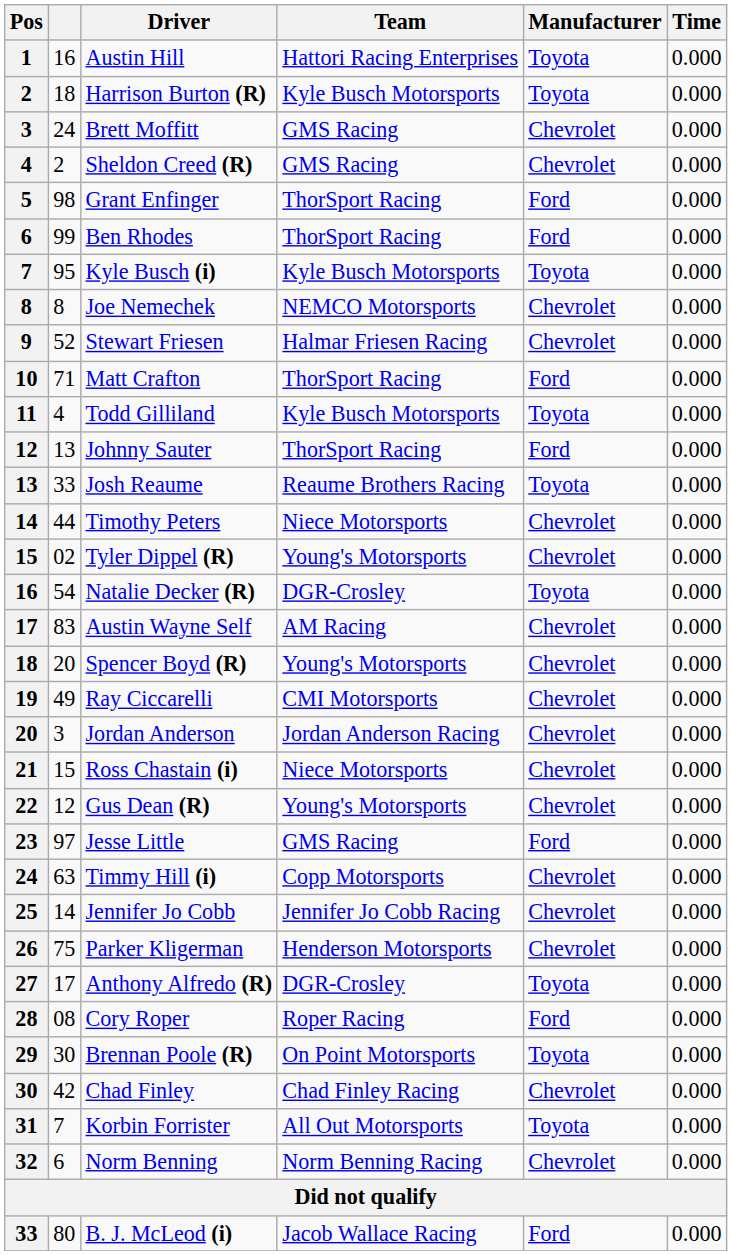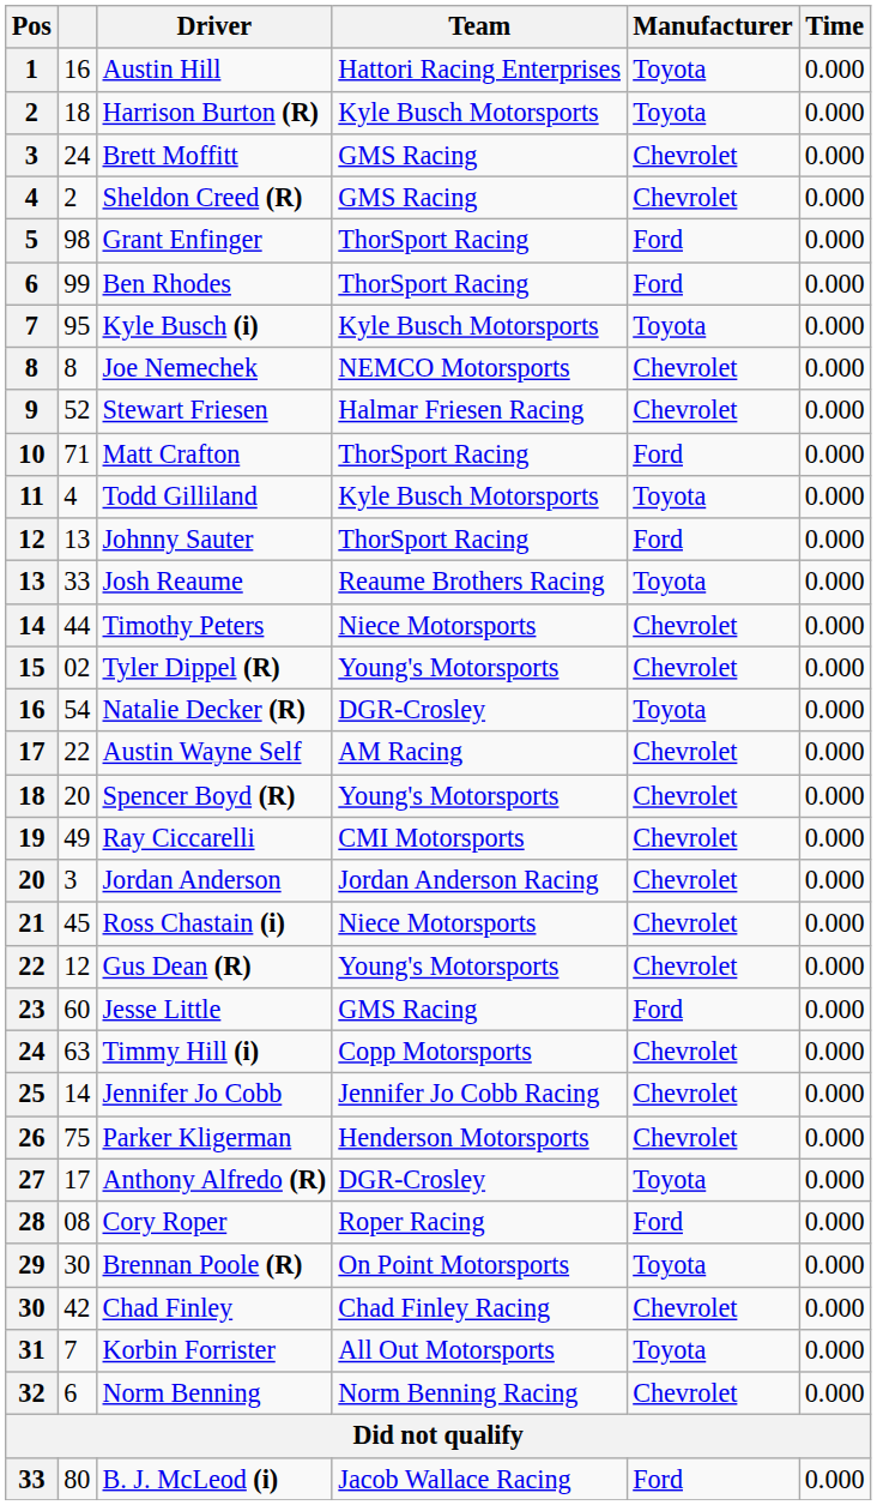 <table class="wikitable" style="font-size:98%">
 <tr>
 <th>Pos</th>
 <th></th>
 <th>Driver</th>
 <th>Team</th>
 <th>Manufacturer</th>
 <th>Time</th>
 </tr>
 <tr>
 <th>1</th>
 <td>16</td>
 <td><a href='#'>Austin Hill</a></td>
 <td><a href='#'>Hattori Racing Enterprises</a></td>
 <td><a href='#'>Toyota</a></td>
 <td>0.000</td>
 </tr>
 <tr>
 <th>2</th>
 <td>18</td>
 <td><a href='#'>Harrison Burton</a> <strong>(R)</strong></td>
 <td><a href='#'>Kyle Busch Motorsports</a></td>
 <td><a href='#'>Toyota</a></td>
 <td>0.000</td>
 </tr>
 <tr>
 <th>3</th>
 <td>24</td>
 <td><a href='#'>Brett Moffitt</a></td>
 <td><a href='#'>GMS Racing</a></td>
 <td><a href='#'>Chevrolet</a></td>
 <td>0.000</td>
 </tr>
 <tr>
 <th>4</th>
 <td>2</td>
 <td><a href='#'>Sheldon Creed</a> <strong>(R)</strong></td>
 <td><a href='#'>GMS Racing</a></td>
 <td><a href='#'>Chevrolet</a></td>
 <td>0.000</td>
 </tr>
 <tr>
 <th>5</th>
 <td>98</td>
 <td><a href='#'>Grant Enfinger</a></td>
 <td><a href='#'>ThorSport Racing</a></td>
 <td><a href='#'>Ford</a></td>
 <td>0.000</td>
 </tr>
 <tr>
 <th>6</th>
 <td>99</td>
 <td><a href='#'>Ben Rhodes</a></td>
 <td><a href='#'>ThorSport Racing</a></td>
 <td><a href='#'>Ford</a></td>
 <td>0.000</td>
 </tr>
 <tr>
 <th>7</th>
 <td>95</td>
 <td><a href='#'>Kyle Busch</a> <strong>(i)</strong></td>
 <td><a href='#'>Kyle Busch Motorsports</a></td>
 <td><a href='#'>Toyota</a></td>
 <td>0.000</td>
 </tr>
 <tr>
 <th>8</th>
 <td>8</td>
 <td><a href='#'>Joe Nemechek</a></td>
 <td><a href='#'>NEMCO Motorsports</a></td>
 <td><a href='#'>Chevrolet</a></td>
 <td>0.000</td>
 </tr>
 <tr>
 <th>9</th>
 <td>52</td>
 <td><a href='#'>Stewart Friesen</a></td>
 <td><a href='#'>Halmar Friesen Racing</a></td>
 <td><a href='#'>Chevrolet</a></td>
 <td>0.000</td>
 </tr>
 <tr>
 <th>10</th>
 <td>71</td>
 <td><a href='#'>Matt Crafton</a></td>
 <td><a href='#'>ThorSport Racing</a></td>
 <td><a href='#'>Ford</a></td>
 <td>0.000</td>
 </tr>
 <tr>
 <th>11</th>
 <td>4</td>
 <td><a href='#'>Todd Gilliland</a></td>
 <td><a href='#'>Kyle Busch Motorsports</a></td>
 <td><a href='#'>Toyota</a></td>
 <td>0.000</td>
 </tr>
 <tr>
 <th>12</th>
 <td>13</td>
 <td><a href='#'>Johnny Sauter</a></td>
 <td><a href='#'>ThorSport Racing</a></td>
 <td><a href='#'>Ford</a></td>
 <td>0.000</td>
 </tr>
 <tr>
 <th>13</th>
 <td>33</td>
 <td><a href='#'>Josh Reaume</a></td>
 <td><a href='#'>Reaume Brothers Racing</a></td>
 <td><a href='#'>Toyota</a></td>
 <td>0.000</td>
 </tr>
 <tr>
 <th>14</th>
 <td>44</td>
 <td><a href='#'>Timothy Peters</a></td>
 <td><a href='#'>Niece Motorsports</a></td>
 <td><a href='#'>Chevrolet</a></td>
 <td>0.000</td>
 </tr>
 <tr>
 <th>15</th>
 <td>02</td>
 <td><a href='#'>Tyler Dippel</a> <strong>(R)</strong></td>
 <td><a href='#'>Young's Motorsports</a></td>
 <td><a href='#'>Chevrolet</a></td>
 <td>0.000</td>
 </tr>
 <tr>
 <th>16</th>
 <td>54</td>
 <td><a href='#'>Natalie Decker</a> <strong>(R)</strong></td>
 <td><a href='#'>DGR-Crosley</a></td>
 <td><a href='#'>Toyota</a></td>
 <td>0.000</td>
 </tr>
 <tr>
 <th>17</th>
-<td>83</td>
+<td>22</td>
 <td><a href='#'>Austin Wayne Self</a></td>
 <td><a href='#'>AM Racing</a></td>
 <td><a href='#'>Chevrolet</a></td>
 <td>0.000</td>
 </tr>
 <tr>
 <th>18</th>
 <td>20</td>
 <td><a href='#'>Spencer Boyd</a> <strong>(R)</strong></td>
 <td><a href='#'>Young's Motorsports</a></td>
 <td><a href='#'>Chevrolet</a></td>
 <td>0.000</td>
 </tr>
 <tr>
 <th>19</th>
 <td>49</td>
 <td><a href='#'>Ray Ciccarelli</a></td>
 <td><a href='#'>CMI Motorsports</a></td>
 <td><a href='#'>Chevrolet</a></td>
 <td>0.000</td>
 </tr>
 <tr>
 <th>20</th>
 <td>3</td>
 <td><a href='#'>Jordan Anderson</a></td>
 <td><a href='#'>Jordan Anderson Racing</a></td>
 <td><a href='#'>Chevrolet</a></td>
 <td>0.000</td>
 </tr>
 <tr>
 <th>21</th>
-<td>15</td>
+<td>45</td>
 <td><a href='#'>Ross Chastain</a> <strong>(i)</strong></td>
 <td><a href='#'>Niece Motorsports</a></td>
 <td><a href='#'>Chevrolet</a></td>
 <td>0.000</td>
 </tr>
 <tr>
 <th>22</th>
 <td>12</td>
 <td><a href='#'>Gus Dean</a> <strong>(R)</strong></td>
 <td><a href='#'>Young's Motorsports</a></td>
 <td><a href='#'>Chevrolet</a></td>
 <td>0.000</td>
 </tr>
 <tr>
 <th>23</th>
-<td>97</td>
+<td>60</td>
 <td><a href='#'>Jesse Little</a></td>
 <td><a href='#'>GMS Racing</a></td>
 <td><a href='#'>Ford</a></td>
 <td>0.000</td>
 </tr>
 <tr>
 <th>24</th>
 <td>63</td>
 <td><a href='#'>Timmy Hill</a> <strong>(i)</strong></td>
 <td><a href='#'>Copp Motorsports</a></td>
 <td><a href='#'>Chevrolet</a></td>
 <td>0.000</td>
 </tr>
 <tr>
 <th>25</th>
 <td>14</td>
 <td><a href='#'>Jennifer Jo Cobb</a></td>
 <td><a href='#'>Jennifer Jo Cobb Racing</a></td>
 <td><a href='#'>Chevrolet</a></td>
 <td>0.000</td>
 </tr>
 <tr>
 <th>26</th>
 <td>75</td>
 <td><a href='#'>Parker Kligerman</a></td>
 <td><a href='#'>Henderson Motorsports</a></td>
 <td><a href='#'>Chevrolet</a></td>
 <td>0.000</td>
 </tr>
 <tr>
 <th>27</th>
 <td>17</td>
 <td><a href='#'>Anthony Alfredo</a> <strong>(R)</strong></td>
 <td><a href='#'>DGR-Crosley</a></td>
 <td><a href='#'>Toyota</a></td>
 <td>0.000</td>
 </tr>
 <tr>
 <th>28</th>
 <td>08</td>
 <td><a href='#'>Cory Roper</a></td>
 <td><a href='#'>Roper Racing</a></td>
 <td><a href='#'>Ford</a></td>
 <td>0.000</td>
 </tr>
 <tr>
 <th>29</th>
 <td>30</td>
 <td><a href='#'>Brennan Poole</a> <strong>(R)</strong></td>
 <td><a href='#'>On Point Motorsports</a></td>
 <td><a href='#'>Toyota</a></td>
 <td>0.000</td>
 </tr>
 <tr>
 <th>30</th>
 <td>42</td>
 <td><a href='#'>Chad Finley</a></td>
 <td><a href='#'>Chad Finley Racing</a></td>
 <td><a href='#'>Chevrolet</a></td>
 <td>0.000</td>
 </tr>
 <tr>
 <th>31</th>
 <td>7</td>
 <td><a href='#'>Korbin Forrister</a></td>
 <td><a href='#'>All Out Motorsports</a></td>
 <td><a href='#'>Toyota</a></td>
 <td>0.000</td>
 </tr>
 <tr>
 <th>32</th>
 <td>6</td>
 <td><a href='#'>Norm Benning</a></td>
 <td><a href='#'>Norm Benning Racing</a></td>
 <td><a href='#'>Chevrolet</a></td>
 <td>0.000</td>
 </tr>
 <tr>
 <th colspan="6">Did not qualify</th>
 </tr>
 <tr>
 <th>33</th>
 <td>80</td>
 <td><a href='#'>B. J. McLeod</a> <strong>(i)</strong></td>
 <td><a href='#'>Jacob Wallace Racing</a></td>
 <td><a href='#'>Ford</a></td>
 <td>0.000</td>
 </tr>
 <tr>
 </tr>
 </table>
